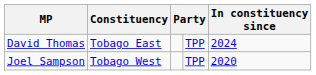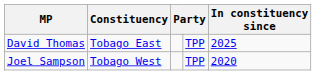 <table class="wikitable sortable">
 <tr>
 <th>MP</th>
 <th>Constituency</th>
 <th colspan="2">Party</th>
 <th>In constituency<br>since</th>
 </tr>
 <tr>
 <td><a href='#'>David Thomas</a></td>
 <td><a href='#'>Tobago East</a></td>
 <td style="background:"> </td>
 <td><a href='#'>TPP</a></td>
-<td><a href='#'>2024</a></td>
+<td><a href='#'>2025</a></td>
 </tr>
 <tr>
 <td><a href='#'>Joel Sampson</a></td>
 <td><a href='#'>Tobago West</a></td>
 <td style="background:"> </td>
 <td><a href='#'>TPP</a></td>
 <td><a href='#'>2020</a></td>
 </tr>
 </table>
